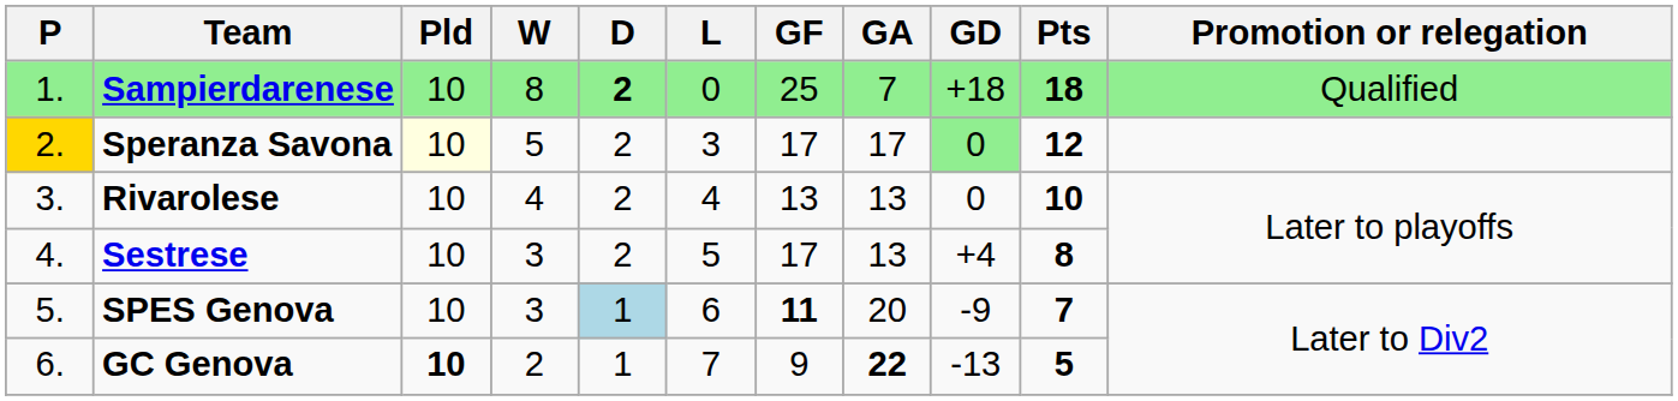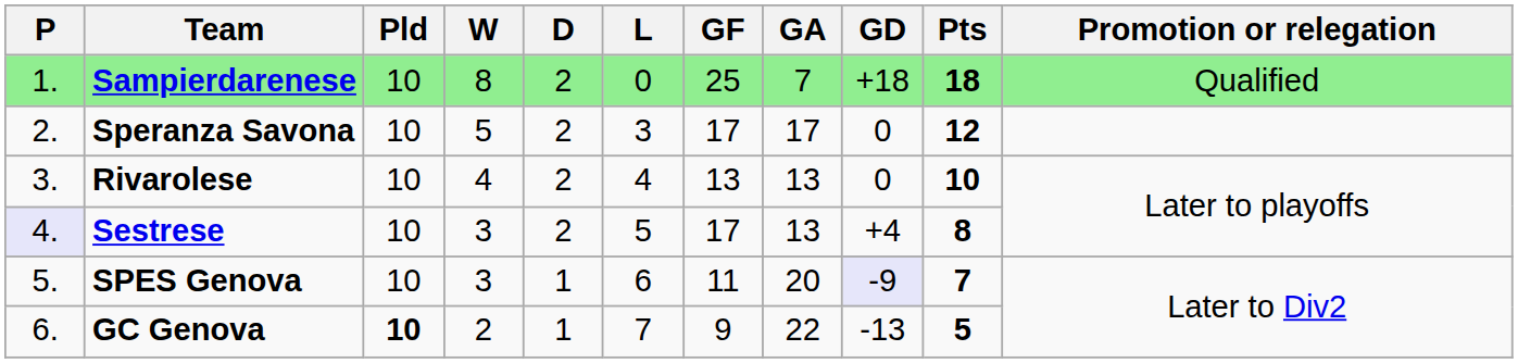 <table class="wikitable sortable" style="text-align: center;">
 <tr>
 <th width=33>P<br></th>
 <th>Team<br></th>
 <th width=33>Pld<br></th>
 <th width=33>W<br></th>
 <th width=33>D<br></th>
 <th width=33>L<br></th>
 <th width=33>GF<br></th>
 <th width=33>GA<br></th>
 <th width=33>GD<br></th>
 <th width=33>Pts<br></th>
 <th class="unsortable" width=250>Promotion or relegation<br></th>
 </tr>
 <tr style="background: #90EE90;">
 <td>1.</td>
 <td align="left"><strong><a href='#'>Sampierdarenese</a></strong></td>
 <td>10</td>
 <td>8</td>
-<td><strong>2</strong></td>
+<td>2</td>
 <td>0</td>
 <td>25</td>
 <td>7</td>
 <td>+18</td>
 <td><strong>18</strong></td>
 <td>Qualified</td>
 </tr>
 <tr>
-<td style="background: gold;">2.</td>
+<td>2.</td>
 <td align="left"><strong>Speranza Savona</strong></td>
-<td style="background: lightyellow;">10</td>
+<td>10</td>
 <td>5</td>
 <td>2</td>
 <td>3</td>
 <td>17</td>
 <td>17</td>
-<td style="background: lightgreen;">0</td>
+<td>0</td>
 <td><strong>12</strong></td>
 </tr>
 <tr>
 <td>3.</td>
 <td align="left"><strong>Rivarolese</strong></td>
 <td>10</td>
 <td>4</td>
 <td>2</td>
 <td>4</td>
 <td>13</td>
 <td>13</td>
 <td>0</td>
 <td><strong>10</strong></td>
 <td rowspan=2>Later to playoffs</td>
 </tr>
 <tr>
-<td>4.</td>
+<td style="background: lavender;">4.</td>
 <td align="left"><strong><a href='#'>Sestrese</a></strong></td>
 <td>10</td>
 <td>3</td>
 <td>2</td>
 <td>5</td>
 <td>17</td>
 <td>13</td>
 <td>+4</td>
 <td><strong>8</strong></td>
 </tr>
 <tr>
 <td>5.</td>
 <td align="left"><strong>SPES Genova</strong></td>
 <td>10</td>
 <td>3</td>
-<td style="background: lightblue;">1</td>
+<td>1</td>
 <td>6</td>
-<td><strong>11</strong></td>
+<td>11</td>
 <td>20</td>
-<td>-9</td>
+<td style="background: lavender;">-9</td>
 <td><strong>7</strong></td>
 <td rowspan=2>Later to <a href='#'>Div2</a></td>
 </tr>
 <tr>
 <td>6.</td>
 <td align="left"><strong>GC Genova</strong></td>
 <td><strong>10</strong></td>
 <td>2</td>
 <td>1</td>
 <td>7</td>
 <td>9</td>
-<td><strong>22</strong></td>
+<td>22</td>
 <td>-13</td>
 <td><strong>5</strong></td>
 </tr>
 </table>
